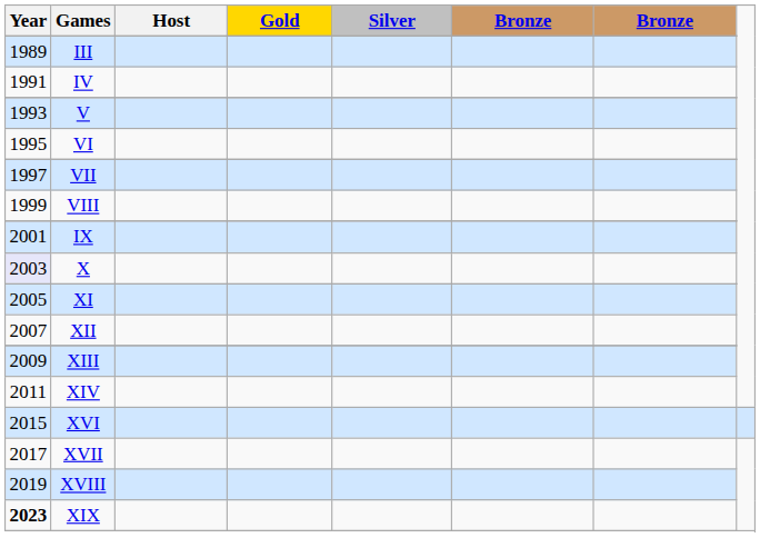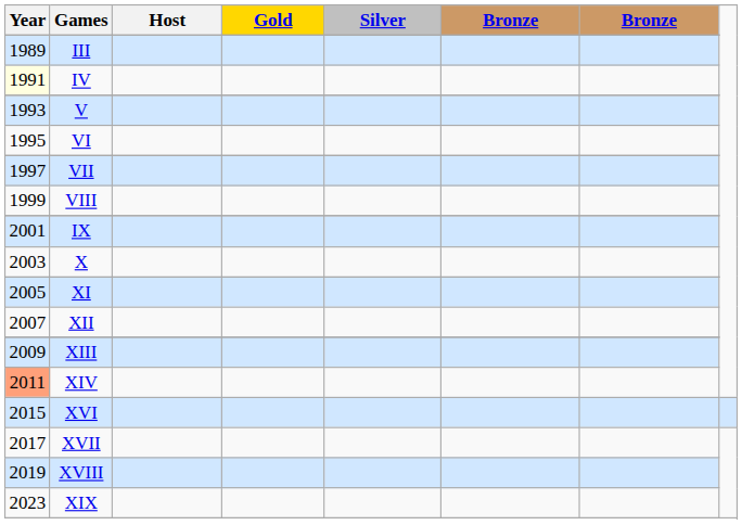 <table class="wikitable" style="text-align: center; font-size:95%;">
 <tr>
 <th rowspan="2" style="width:5%;">Year</th>
 <th rowspan="2" style="width:5%;">Games</th>
 <th rowspan="2" style="width:15%;">Host</th>
 </tr>
 <tr>
 <th style="background-color: gold"><a href='#'>Gold</a></th>
 <th style="background-color: silver"><a href='#'>Silver</a></th>
 <th style="background-color: #CC9966"><a href='#'>Bronze</a></th>
 <th style="background-color: #CC9966"><a href='#'>Bronze</a></th>
 </tr>
 <tr>
 </tr>
 <tr style="text-align:center; background:#d0e7ff;">
 <td>1989</td>
 <td align=center><a href='#'>III</a></td>
 <td align="left"></td>
 <td align="left"></td>
 <td align="left"></td>
 <td align="left"></td>
 <td></td>
 </tr>
 <tr>
-<td>1991</td>
+<td style="background: lightyellow;">1991</td>
 <td align=center><a href='#'>IV</a></td>
 <td align="left"></td>
 <td align="left"></td>
 <td align="left"></td>
 <td align="left"></td>
 <td></td>
 </tr>
 <tr>
 </tr>
 <tr style="text-align:center; background:#d0e7ff;">
 <td>1993</td>
 <td align=center><a href='#'>V</a></td>
 <td align="left"></td>
 <td align="left"></td>
 <td align="left"></td>
 <td align="left"></td>
 <td></td>
 </tr>
 <tr>
 <td>1995</td>
 <td align=center><a href='#'>VI</a></td>
 <td align="left"></td>
 <td align="left"></td>
 <td align="left"></td>
 <td align="left"></td>
 <td align="left"></td>
 </tr>
 <tr>
 </tr>
 <tr style="text-align:center; background:#d0e7ff;">
 <td>1997</td>
 <td align=center><a href='#'>VII</a></td>
 <td align="left"></td>
 <td align="left"></td>
 <td align="left"></td>
 <td align="left"></td>
 <td align="left"></td>
 </tr>
 <tr>
 <td>1999</td>
 <td align=center><a href='#'>VIII</a></td>
 <td align="left"></td>
 <td align="left"></td>
 <td align="left"></td>
 <td align="left"></td>
 <td align="left"></td>
 </tr>
 <tr>
 </tr>
 <tr style="text-align:center; background:#d0e7ff;">
 <td>2001</td>
 <td align=center><a href='#'>IX</a></td>
 <td align="left"></td>
 <td align="left"></td>
 <td align="left"></td>
 <td align="left"></td>
 <td align="left"></td>
 </tr>
 <tr>
-<td style="background: lavender;">2003</td>
+<td>2003</td>
 <td align=center><a href='#'>X</a></td>
 <td align="left"></td>
 <td align="left"></td>
 <td align="left"></td>
 <td align="left"></td>
 <td align="left"></td>
 </tr>
 <tr>
 </tr>
 <tr style="text-align:center; background:#d0e7ff;">
 <td>2005</td>
 <td align=center><a href='#'>XI</a></td>
 <td align="left"></td>
 <td align="left"></td>
 <td align="left"></td>
 <td align="left"></td>
 <td align="left"></td>
 </tr>
 <tr>
 <td>2007</td>
 <td align=center><a href='#'>XII</a></td>
 <td align="left"></td>
 <td align="left"></td>
 <td align="left"></td>
 <td align="left"> </td>
 <td align="left"></td>
 </tr>
 <tr>
 </tr>
 <tr style="text-align:center; background:#d0e7ff;">
 <td>2009</td>
 <td align=center><a href='#'>XIII</a></td>
 <td align="left"></td>
 <td align="left"></td>
 <td align="left"></td>
 <td align="left"></td>
 <td align="left"></td>
 </tr>
 <tr>
-<td>2011</td>
+<td style="background: lightsalmon;">2011</td>
 <td align=center><a href='#'>XIV</a></td>
 <td align="left"></td>
 <td align="left"></td>
 <td align="left"></td>
 <td align="left"></td>
 <td align="left"></td>
 </tr>
 <tr style="text-align:center; background:#d0e7ff;">
 <td>2015</td>
 <td align=center><a href='#'>XVI</a></td>
 <td align="left"></td>
 <td align="left"></td>
 <td align="left"></td>
 <td align="left"></td>
 <td align="left"></td>
 <td></td>
 </tr>
 <tr>
 <td>2017</td>
 <td align=center><a href='#'>XVII</a></td>
 <td align="left"></td>
 <td align="left"></td>
 <td align="left"></td>
 <td align="left"></td>
 <td align="left"></td>
 </tr>
 <tr style="text-align:center; background:#d0e7ff;">
 <td>2019</td>
 <td align=center><a href='#'>XVIII</a></td>
 <td align="left"></td>
 <td align="left"></td>
 <td align="left"></td>
 <td align="left"></td>
 <td align="left"></td>
 </tr>
 <tr>
-<td><strong>2023</strong></td>
+<td>2023</td>
 <td align=center><a href='#'>XIX</a></td>
 <td align="left"></td>
 <td align="left"></td>
 <td align="left"></td>
 <td align="left"></td>
 <td align="left"></td>
 </tr>
 <tr>
 </tr>
 </table>
